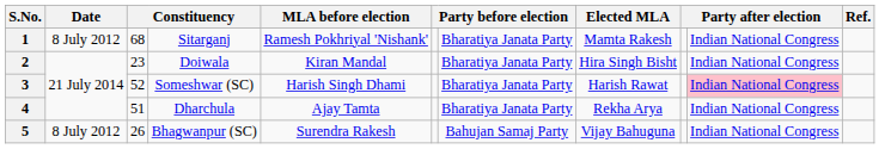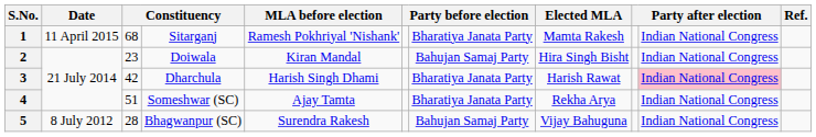 <table class="wikitable sortable" style="text-align:center;">
 <tr>
 <th>S.No.</th>
 <th>Date</th>
 <th colspan="2">Constituency</th>
 <th>MLA before election</th>
 <th colspan="2">Party before election</th>
 <th>Elected MLA</th>
 <th colspan="2">Party after election</th>
 <th>Ref.</th>
 </tr>
 <tr>
 <th>1</th>
-<td>8 July 2012</td>
+<td>11 April 2015</td>
 <td>68</td>
 <td><a href='#'>Sitarganj</a></td>
 <td><a href='#'>Ramesh Pokhriyal 'Nishank'</a></td>
 <td></td>
 <td><a href='#'>Bharatiya Janata Party</a></td>
 <td><a href='#'>Mamta Rakesh</a></td>
 <td></td>
 <td><a href='#'>Indian National Congress</a></td>
 <td></td>
 </tr>
 <tr>
 <th>2</th>
 <td rowspan="3">21 July 2014</td>
 <td>23</td>
 <td><a href='#'>Doiwala</a></td>
 <td><a href='#'>Kiran Mandal</a></td>
 <td></td>
-<td><a href='#'>Bharatiya Janata Party</a></td>
+<td><a href='#'>Bahujan Samaj Party</a></td>
 <td><a href='#'>Hira Singh Bisht</a></td>
 <td></td>
 <td><a href='#'>Indian National Congress</a></td>
 <td></td>
 </tr>
 <tr>
 <th>3</th>
-<td>52</td>
-<td><a href='#'>Someshwar</a> (SC)</td>
+<td>42</td>
+<td><a href='#'>Dharchula</a></td>
 <td><a href='#'>Harish Singh Dhami</a></td>
 <td></td>
 <td><a href='#'>Bharatiya Janata Party</a></td>
 <td><a href='#'>Harish Rawat</a></td>
 <td></td>
 <td style="background: pink;"><a href='#'>Indian National Congress</a></td>
 <td></td>
 </tr>
 <tr>
 <th>4</th>
 <td>51</td>
-<td><a href='#'>Dharchula</a></td>
+<td><a href='#'>Someshwar</a> (SC)</td>
 <td><a href='#'>Ajay Tamta</a></td>
 <td></td>
 <td><a href='#'>Bharatiya Janata Party</a></td>
 <td><a href='#'>Rekha Arya</a></td>
 <td></td>
 <td><a href='#'>Indian National Congress</a></td>
 <td></td>
 </tr>
 <tr>
 <th>5</th>
 <td>8 July 2012</td>
-<td>26</td>
+<td>28</td>
 <td><a href='#'>Bhagwanpur</a> (SC)</td>
 <td><a href='#'>Surendra Rakesh</a></td>
 <td></td>
 <td><a href='#'>Bahujan Samaj Party</a></td>
 <td><a href='#'>Vijay Bahuguna</a></td>
 <td></td>
 <td><a href='#'>Indian National Congress</a></td>
 <td></td>
 </tr>
 </table>
